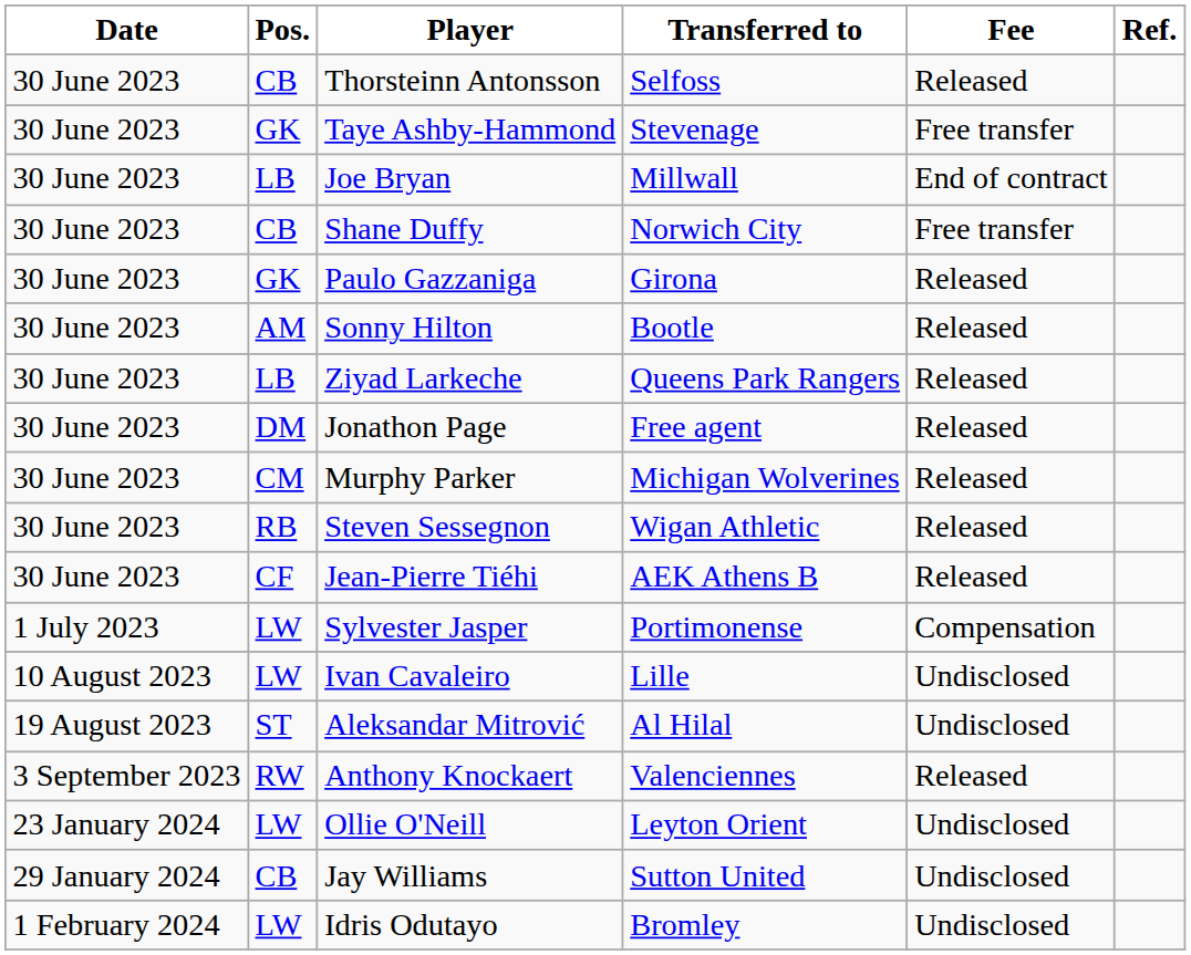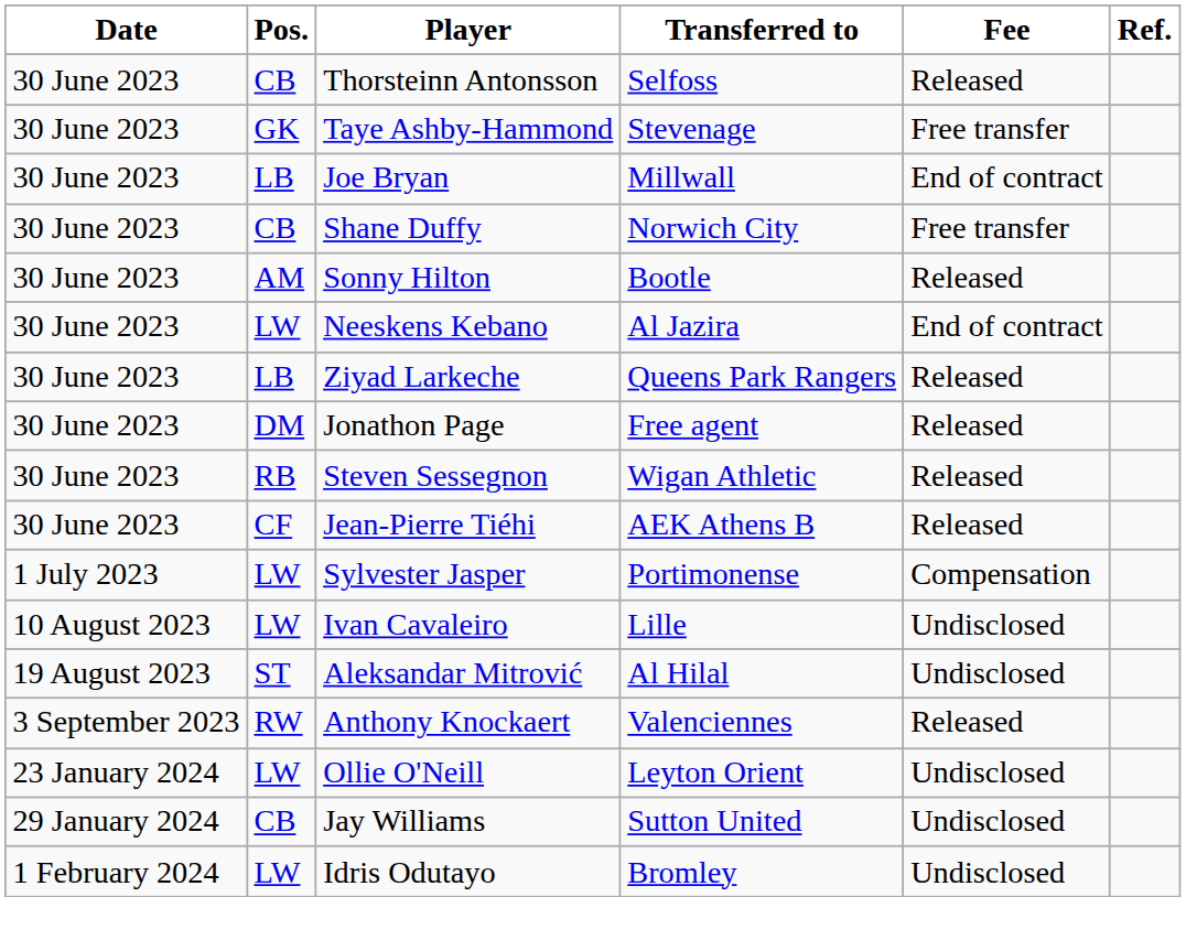 <table class="wikitable plainrowheaders sortable">
 <tr>
 <th style="background:white; color:black; ">Date</th>
 <th style="background:white; color:black; ">Pos.</th>
 <th style="background:white; color:black; ">Player</th>
 <th style="background:white; color:black; ">Transferred to</th>
 <th style="background:white; color:black; ">Fee</th>
 <th style="background:white; color:black; ">Ref.</th>
 </tr>
 <tr>
 <td>30 June 2023</td>
 <td><a href='#'>CB</a></td>
 <td> Thorsteinn Antonsson</td>
 <td> <a href='#'>Selfoss</a></td>
 <td>Released</td>
 <td></td>
 </tr>
 <tr>
 <td>30 June 2023</td>
 <td><a href='#'>GK</a></td>
 <td> <a href='#'>Taye Ashby-Hammond</a></td>
 <td> <a href='#'>Stevenage</a></td>
 <td>Free transfer</td>
 <td></td>
 </tr>
 <tr>
 <td>30 June 2023</td>
 <td><a href='#'>LB</a></td>
 <td> <a href='#'>Joe Bryan</a></td>
 <td> <a href='#'>Millwall</a></td>
 <td>End of contract</td>
 <td></td>
 </tr>
 <tr>
 <td>30 June 2023</td>
 <td><a href='#'>CB</a></td>
 <td> <a href='#'>Shane Duffy</a></td>
 <td> <a href='#'>Norwich City</a></td>
 <td>Free transfer</td>
 <td></td>
 </tr>
 <tr>
 <td>30 June 2023</td>
-<td><a href='#'>GK</a></td>
-<td> <a href='#'>Paulo Gazzaniga</a></td>
-<td> <a href='#'>Girona</a></td>
+<td><a href='#'>AM</a></td>
+<td> <a href='#'>Sonny Hilton</a></td>
+<td> <a href='#'>Bootle</a></td>
 <td>Released</td>
 <td></td>
 </tr>
 <tr>
 <td>30 June 2023</td>
-<td><a href='#'>AM</a></td>
-<td> <a href='#'>Sonny Hilton</a></td>
-<td> <a href='#'>Bootle</a></td>
-<td>Released</td>
+<td><a href='#'>LW</a></td>
+<td> <a href='#'>Neeskens Kebano</a></td>
+<td> <a href='#'>Al Jazira</a></td>
+<td>End of contract</td>
 <td></td>
 </tr>
 <tr>
 <td>30 June 2023</td>
 <td><a href='#'>LB</a></td>
 <td> <a href='#'>Ziyad Larkeche</a></td>
 <td> <a href='#'>Queens Park Rangers</a></td>
 <td>Released</td>
 <td></td>
 </tr>
 <tr>
 <td>30 June 2023</td>
 <td><a href='#'>DM</a></td>
 <td> Jonathon Page</td>
 <td><a href='#'>Free agent</a></td>
-<td>Released</td>
-<td></td>
-</tr>
-<tr>
-<td>30 June 2023</td>
-<td><a href='#'>CM</a></td>
-<td> Murphy Parker</td>
-<td> <a href='#'>Michigan Wolverines</a></td>
 <td>Released</td>
 <td></td>
 </tr>
 <tr>
 <td>30 June 2023</td>
 <td><a href='#'>RB</a></td>
 <td> <a href='#'>Steven Sessegnon</a></td>
 <td> <a href='#'>Wigan Athletic</a></td>
 <td>Released</td>
 <td></td>
 </tr>
 <tr>
 <td>30 June 2023</td>
 <td><a href='#'>CF</a></td>
 <td> <a href='#'>Jean-Pierre Tiéhi</a></td>
 <td> <a href='#'>AEK Athens B</a></td>
 <td>Released</td>
 <td></td>
 </tr>
 <tr>
 <td>1 July 2023</td>
 <td><a href='#'>LW</a></td>
 <td> <a href='#'>Sylvester Jasper</a></td>
 <td> <a href='#'>Portimonense</a></td>
 <td>Compensation</td>
 <td></td>
 </tr>
 <tr>
 <td>10 August 2023</td>
 <td><a href='#'>LW</a></td>
 <td> <a href='#'>Ivan Cavaleiro</a></td>
 <td> <a href='#'>Lille</a></td>
 <td>Undisclosed</td>
 <td></td>
 </tr>
 <tr>
 <td>19 August 2023</td>
 <td><a href='#'>ST</a></td>
 <td> <a href='#'>Aleksandar Mitrović</a></td>
 <td> <a href='#'>Al Hilal</a></td>
 <td>Undisclosed</td>
 <td></td>
 </tr>
 <tr>
 <td>3 September 2023</td>
 <td><a href='#'>RW</a></td>
 <td> <a href='#'>Anthony Knockaert</a></td>
 <td> <a href='#'>Valenciennes</a></td>
 <td>Released</td>
 <td></td>
 </tr>
 <tr>
 <td>23 January 2024</td>
 <td><a href='#'>LW</a></td>
 <td> <a href='#'>Ollie O'Neill</a></td>
 <td> <a href='#'>Leyton Orient</a></td>
 <td>Undisclosed</td>
 <td></td>
 </tr>
 <tr>
 <td>29 January 2024</td>
 <td><a href='#'>CB</a></td>
 <td> Jay Williams</td>
 <td> <a href='#'>Sutton United</a></td>
 <td>Undisclosed</td>
 <td></td>
 </tr>
 <tr>
 <td>1 February 2024</td>
 <td><a href='#'>LW</a></td>
 <td> Idris Odutayo</td>
 <td> <a href='#'>Bromley</a></td>
 <td>Undisclosed</td>
 <td></td>
 </tr>
 </table>
